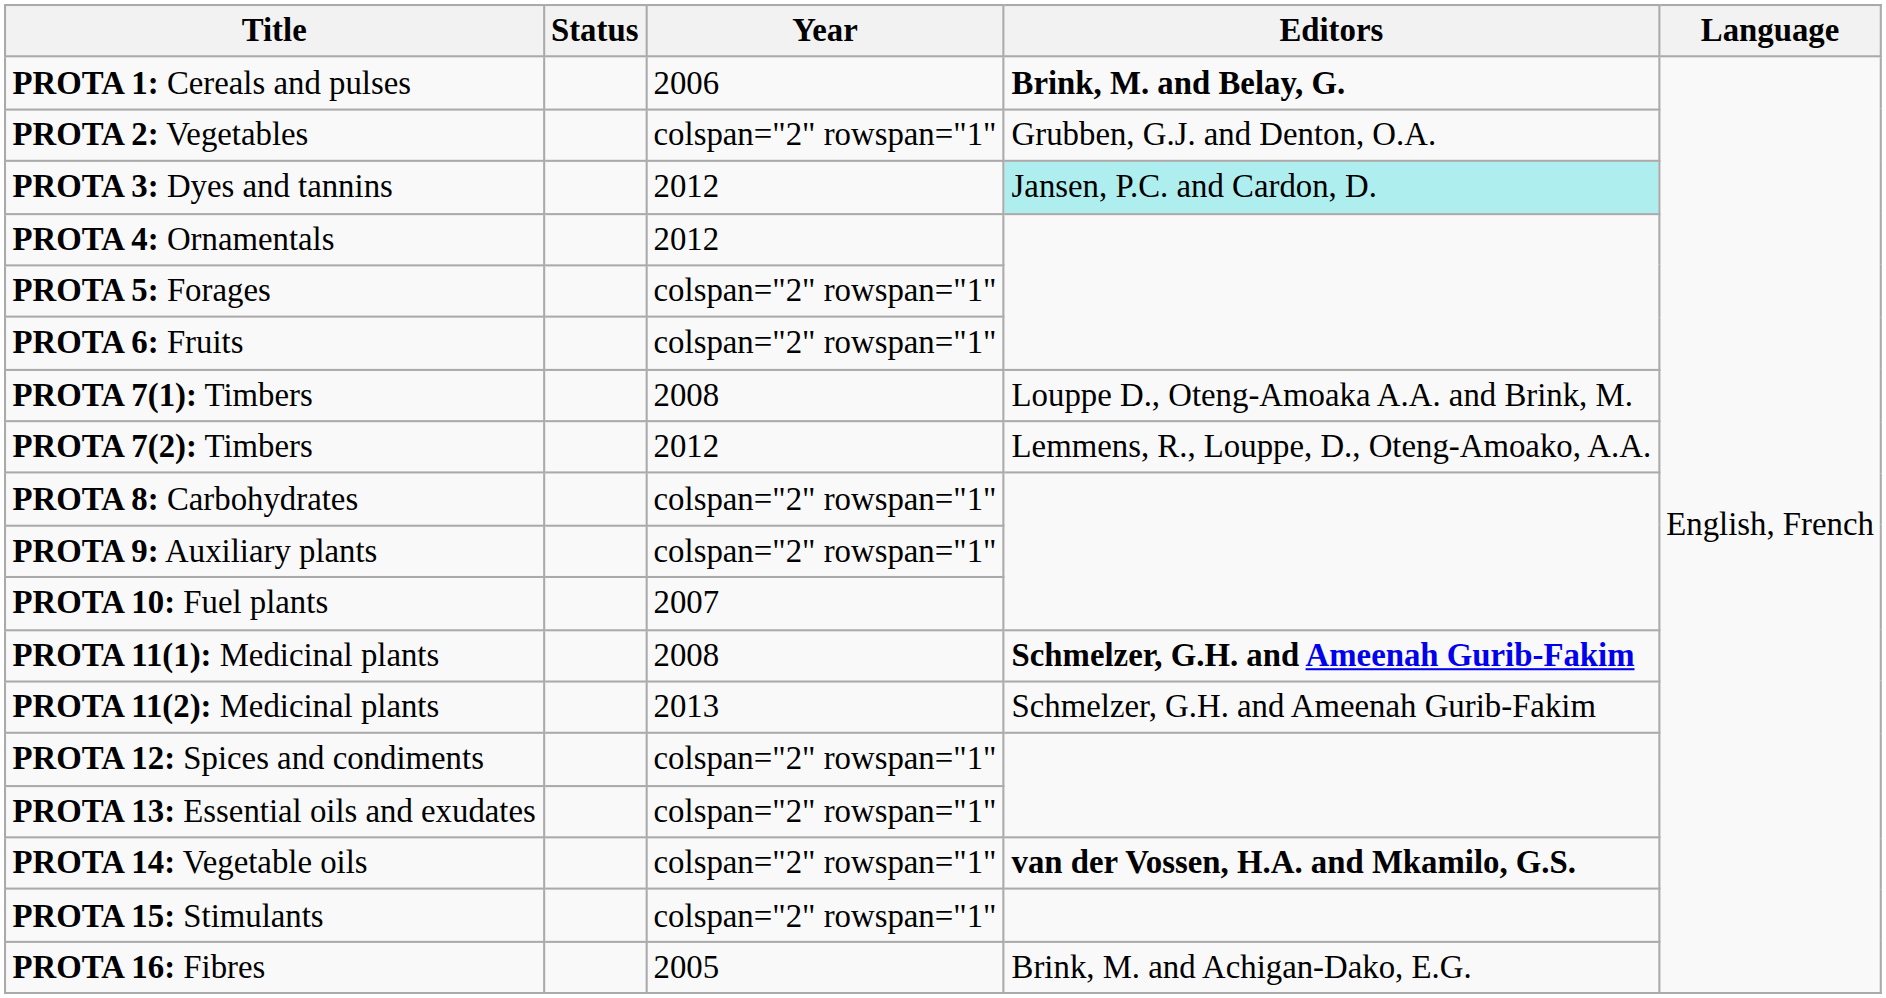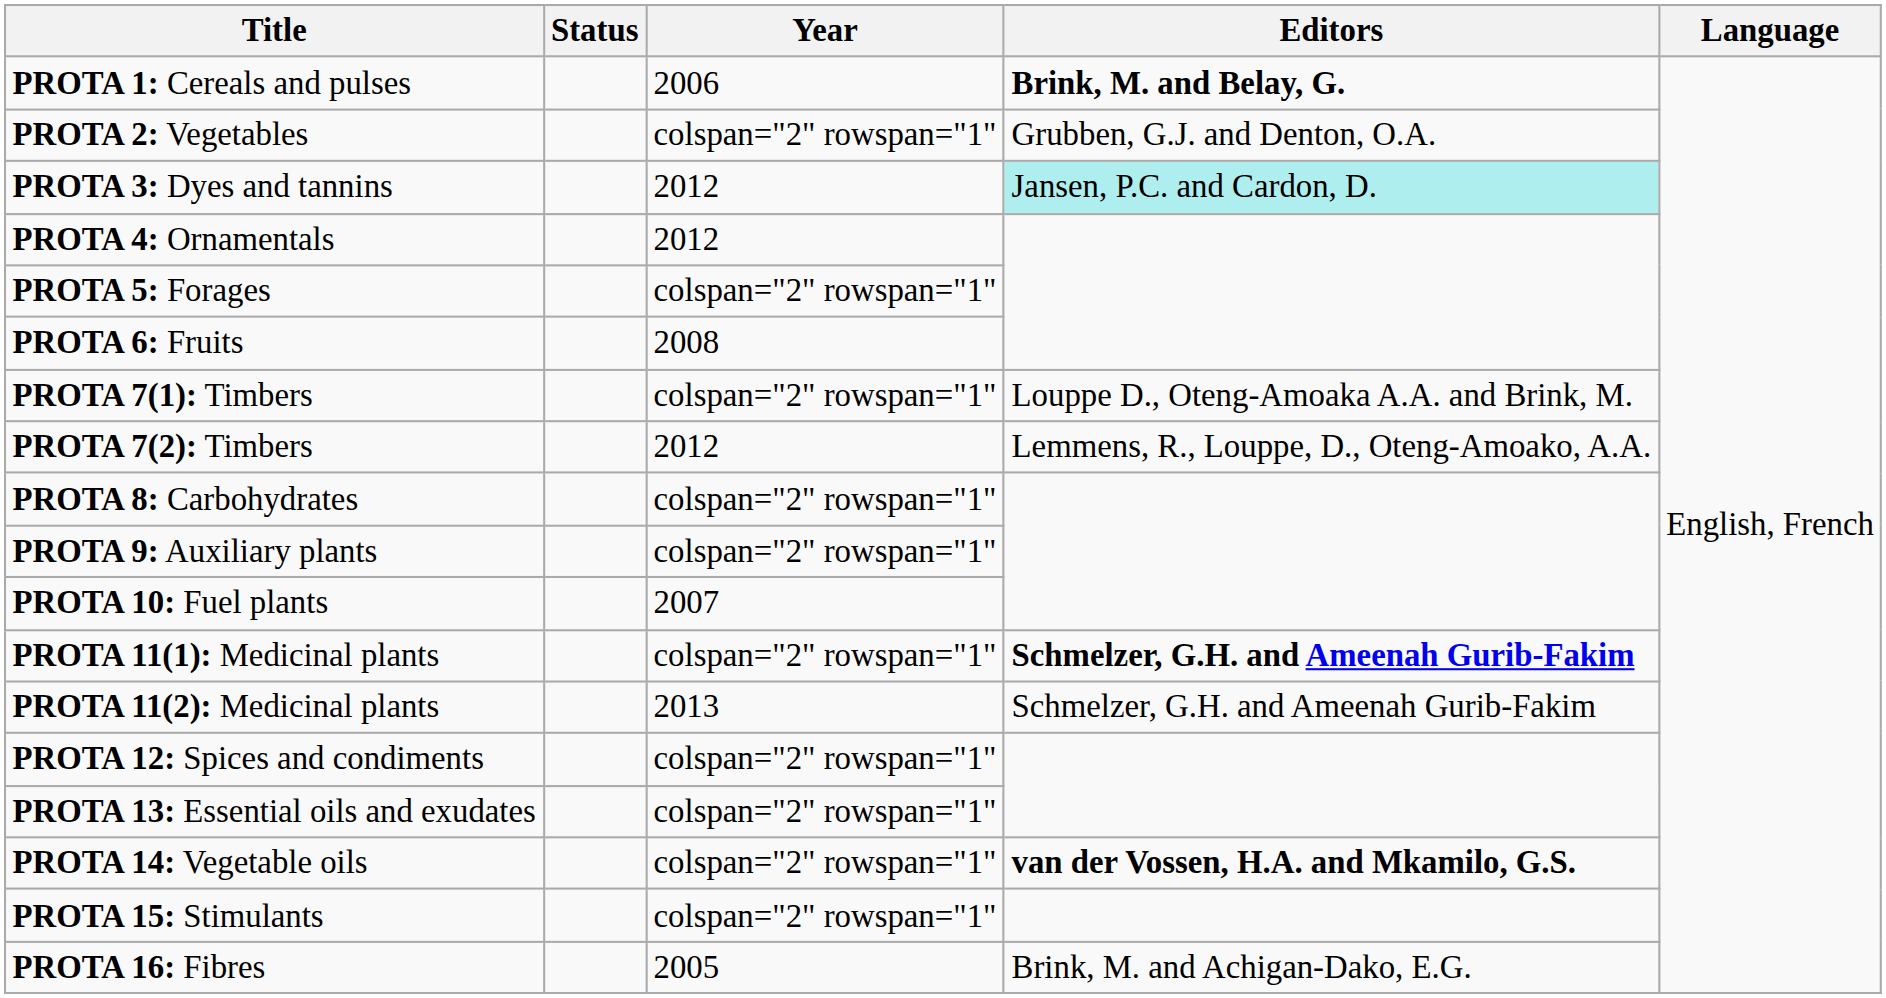 <table class="wikitable">
 <tr>
 <th>Title</th>
 <th>Status</th>
 <th>Year</th>
 <th>Editors</th>
 <th>Language</th>
 </tr>
 <tr>
 <td><strong>PROTA 1:</strong> Cereals and pulses</td>
 <td></td>
 <td>2006</td>
 <td><strong>Brink, M. and Belay, G.</strong></td>
 <td colspan="1" rowspan="18">English, French</td>
 </tr>
 <tr>
 <td><strong>PROTA 2:</strong> Vegetables</td>
 <td></td>
 <td>colspan="2" rowspan="1"</td>
 <td>Grubben, G.J. and Denton, O.A.</td>
 </tr>
 <tr>
 <td><strong>PROTA 3:</strong> Dyes and tannins</td>
 <td></td>
 <td>2012</td>
 <td style="background: paleturquoise;">Jansen, P.C. and Cardon, D.</td>
 </tr>
 <tr>
 <td><strong>PROTA 4:</strong> Ornamentals</td>
 <td></td>
 <td>2012</td>
 </tr>
 <tr>
 <td><strong>PROTA 5:</strong> Forages</td>
 <td></td>
 <td>colspan="2" rowspan="1"</td>
 </tr>
 <tr>
 <td><strong>PROTA 6:</strong> Fruits</td>
 <td></td>
-<td>colspan="2" rowspan="1"</td>
+<td>2008</td>
 </tr>
 <tr>
 <td><strong>PROTA 7(1):</strong> Timbers</td>
 <td></td>
-<td>2008</td>
+<td>colspan="2" rowspan="1"</td>
 <td>Louppe D., Oteng-Amoaka A.A. and Brink, M.</td>
 </tr>
 <tr>
 <td><strong>PROTA 7(2):</strong> Timbers</td>
 <td></td>
 <td>2012</td>
 <td>Lemmens, R., Louppe, D., Oteng-Amoako, A.A.</td>
 </tr>
 <tr>
 <td><strong>PROTA 8:</strong> Carbohydrates</td>
 <td></td>
 <td>colspan="2" rowspan="1"</td>
 </tr>
 <tr>
 <td><strong>PROTA 9:</strong> Auxiliary plants</td>
 <td></td>
 <td>colspan="2" rowspan="1"</td>
 </tr>
 <tr>
 <td><strong>PROTA 10:</strong> Fuel plants</td>
 <td></td>
 <td>2007</td>
 </tr>
 <tr>
 <td><strong>PROTA 11(1):</strong> Medicinal plants</td>
 <td></td>
-<td>2008</td>
+<td>colspan="2" rowspan="1"</td>
 <td><strong>Schmelzer, G.H. and <a href='#'>Ameenah Gurib-Fakim</a></strong></td>
 </tr>
 <tr>
 <td><strong>PROTA 11(2):</strong> Medicinal plants</td>
 <td></td>
 <td>2013</td>
 <td>Schmelzer, G.H. and Ameenah Gurib-Fakim</td>
 </tr>
 <tr>
 <td><strong>PROTA 12:</strong> Spices and condiments</td>
 <td></td>
 <td>colspan="2" rowspan="1"</td>
 </tr>
 <tr>
 <td><strong>PROTA 13:</strong> Essential oils and exudates</td>
 <td></td>
 <td>colspan="2" rowspan="1"</td>
 </tr>
 <tr>
 <td><strong>PROTA 14:</strong> Vegetable oils</td>
 <td></td>
 <td>colspan="2" rowspan="1"</td>
 <td><strong>van der Vossen, H.A. and Mkamilo, G.S.</strong></td>
 </tr>
 <tr>
 <td><strong>PROTA 15:</strong> Stimulants</td>
 <td></td>
 <td>colspan="2" rowspan="1"</td>
 </tr>
 <tr>
 <td><strong>PROTA 16:</strong> Fibres</td>
 <td></td>
 <td>2005</td>
 <td>Brink, M. and Achigan-Dako, E.G.</td>
 </tr>
 <tr>
 </tr>
 </table>
